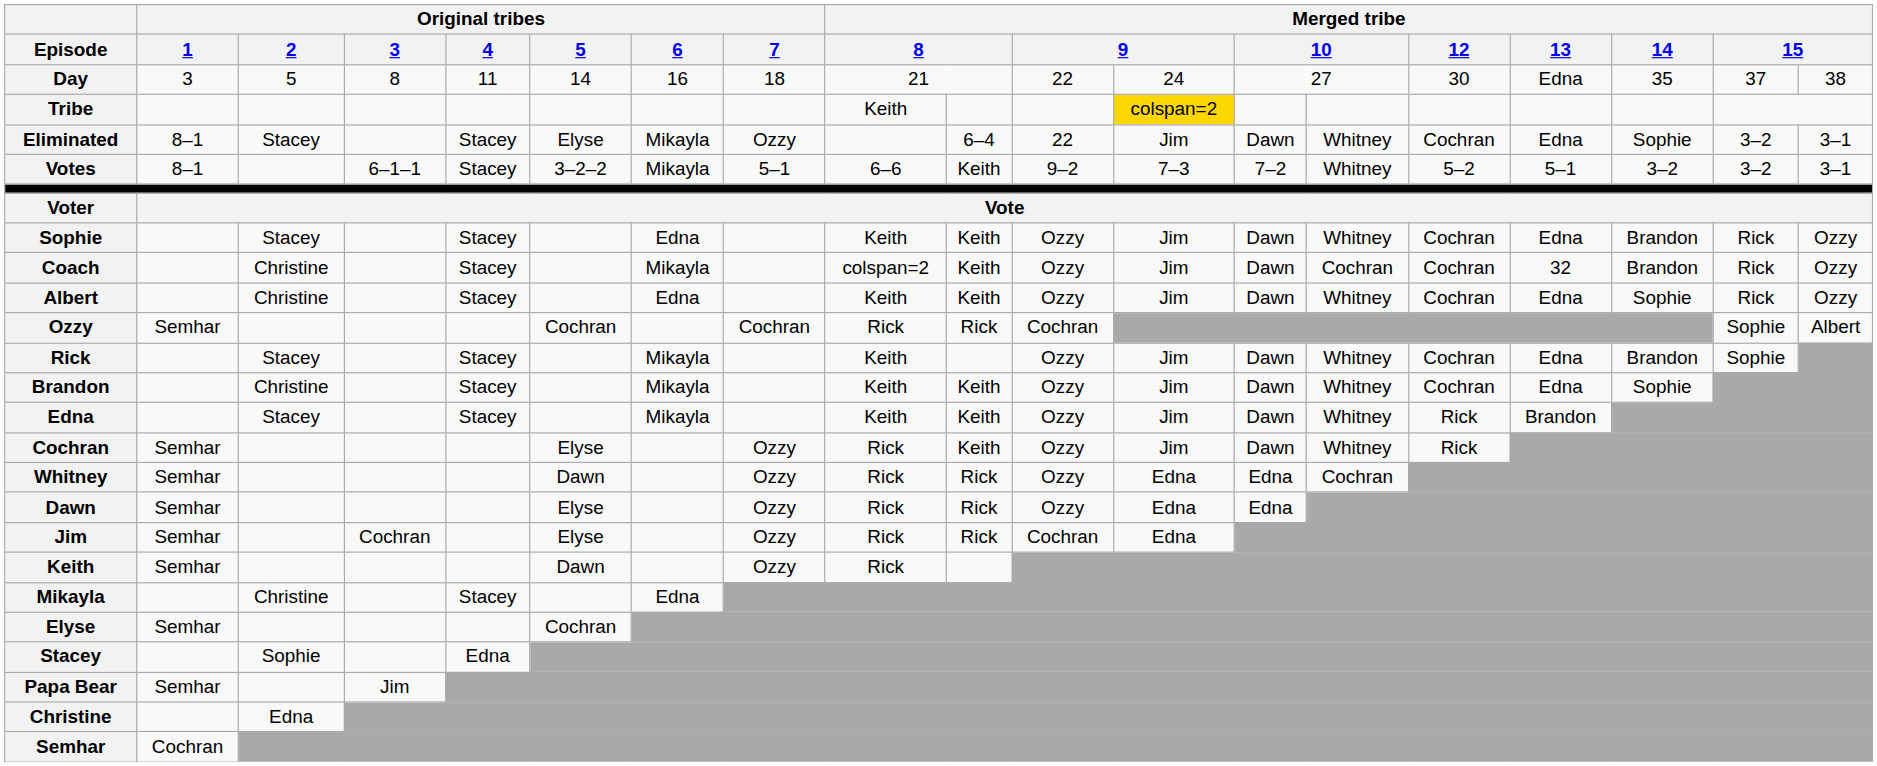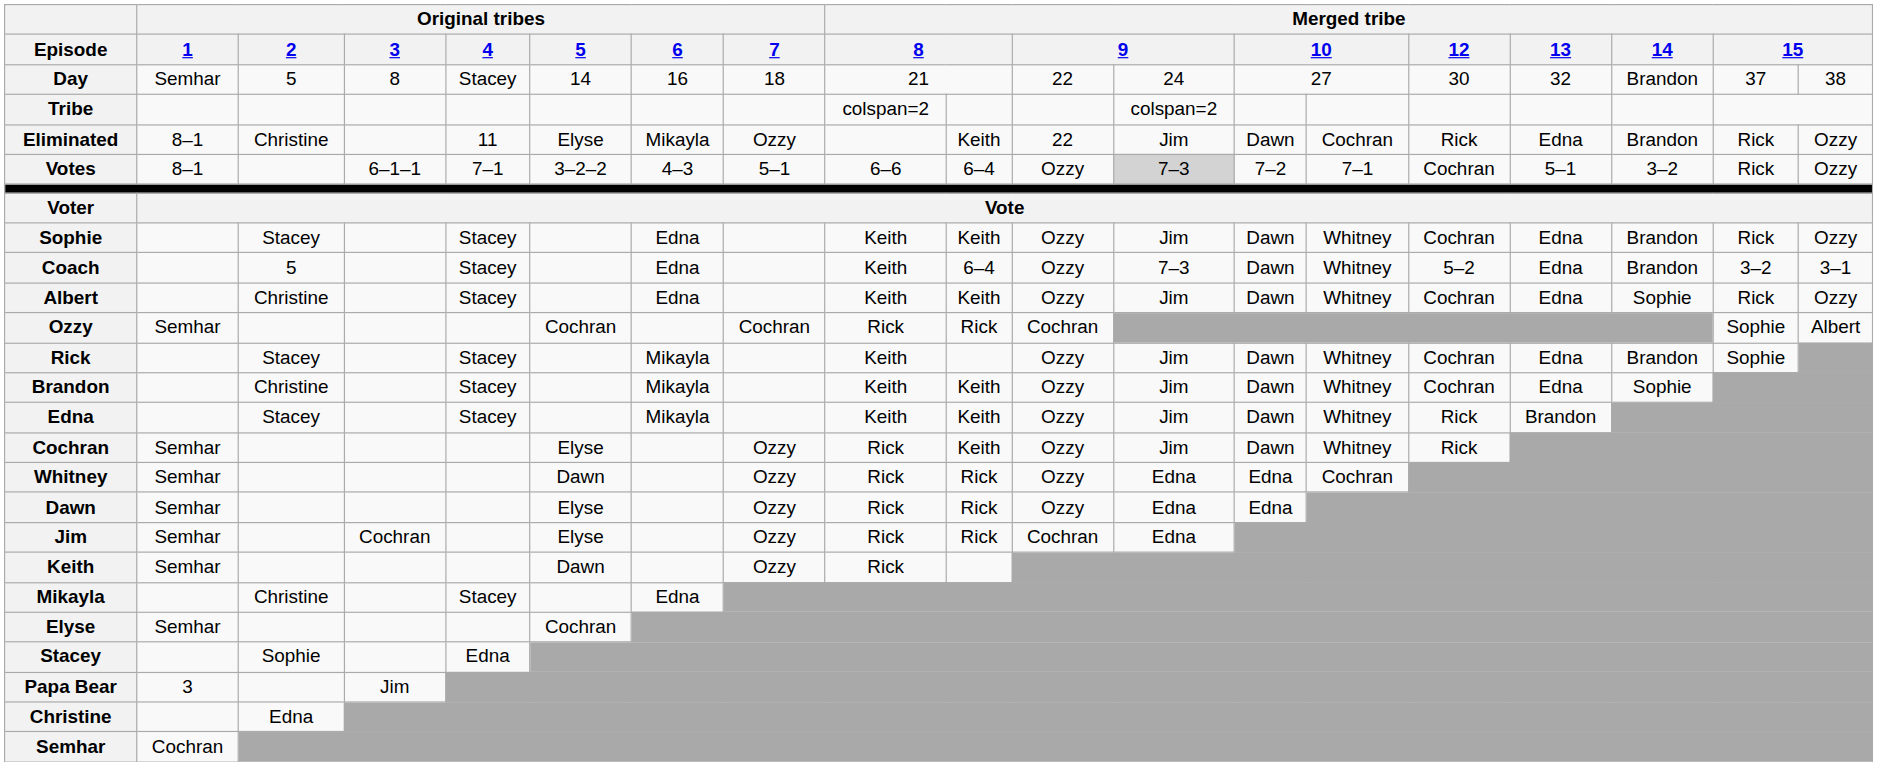 <table class="wikitable" style="text-align:center; width:100%">
 <tr>
 <th></th>
 <th colspan="7">Original tribes</th>
 <th colspan="12">Merged tribe</th>
 </tr>
 <tr>
 <th>Episode</th>
 <th><a href='#'>1</a></th>
 <th><a href='#'>2</a></th>
 <th><a href='#'>3</a></th>
 <th><a href='#'>4</a></th>
 <th><a href='#'>5</a></th>
 <th><a href='#'>6</a></th>
 <th><a href='#'>7</a></th>
 <th colspan="2"><a href='#'>8</a></th>
 <th colspan="2"><a href='#'>9</a></th>
 <th colspan="2"><a href='#'>10</a></th>
 <th><a href='#'>12</a></th>
 <th><a href='#'>13</a></th>
 <th><a href='#'>14</a></th>
 <th colspan="2"><a href='#'>15</a></th>
 </tr>
 <tr>
 <th>Day</th>
-<td>3</td>
+<td>Semhar</td>
 <td>5</td>
 <td>8</td>
-<td>11</td>
+<td>Stacey</td>
 <td>14</td>
 <td>16</td>
 <td>18</td>
 <td colspan=2>21</td>
 <td>22</td>
 <td>24</td>
 <td colspan=2>27</td>
 <td>30</td>
-<td>Edna</td>
-<td>35</td>
+<td>32</td>
+<td>Brandon</td>
 <td>37</td>
 <td>38</td>
 </tr>
 <tr>
 <th>Tribe</th>
 <td></td>
 <td></td>
 <td></td>
 <td></td>
 <td></td>
 <td></td>
 <td></td>
-<td>Keith</td>
+<td>colspan=2 </td>
 <td></td>
 <td></td>
-<td style="background: gold;">colspan=2 </td>
+<td>colspan=2 </td>
 <td></td>
 <td></td>
 <td></td>
 <td></td>
 <td></td>
 </tr>
 <tr>
 <th>Eliminated</th>
 <td>8–1</td>
-<td>Stacey</td>
+<td>Christine</td>
 <td></td>
-<td>Stacey</td>
+<td>11</td>
 <td>Elyse</td>
 <td>Mikayla</td>
 <td>Ozzy</td>
 <td></td>
-<td>6–4</td>
+<td>Keith</td>
 <td>22</td>
 <td>Jim</td>
 <td>Dawn</td>
-<td>Whitney</td>
 <td>Cochran</td>
+<td>Rick</td>
 <td>Edna</td>
-<td>Sophie</td>
-<td>3–2</td>
-<td>3–1</td>
+<td>Brandon</td>
+<td>Rick</td>
+<td>Ozzy</td>
 </tr>
 <tr>
 <th>Votes</th>
 <td>8–1</td>
 <td></td>
 <td>6–1–1</td>
-<td>Stacey</td>
+<td>7–1</td>
 <td>3–2–2</td>
-<td>Mikayla</td>
+<td>4–3</td>
 <td>5–1</td>
 <td>6–6</td>
-<td>Keith</td>
-<td>9–2</td>
-<td>7–3</td>
+<td>6–4</td>
+<td>Ozzy</td>
+<td style="background: lightgrey;">7–3</td>
 <td>7–2</td>
-<td>Whitney</td>
-<td>5–2</td>
+<td>7–1</td>
+<td>Cochran</td>
 <td>5–1</td>
 <td>3–2</td>
-<td>3–2</td>
-<td>3–1</td>
+<td>Rick</td>
+<td>Ozzy</td>
 </tr>
 <tr>
 <td colspan=20 bgcolor=black></td>
 </tr>
 <tr>
 <th>Voter</th>
 <th colspan="18">Vote</th>
 </tr>
 <tr>
 <th>Sophie</th>
 <td></td>
 <td>Stacey</td>
 <td></td>
 <td>Stacey</td>
 <td></td>
 <td>Edna</td>
 <td></td>
 <td>Keith</td>
 <td>Keith</td>
 <td>Ozzy</td>
 <td>Jim</td>
 <td>Dawn</td>
 <td>Whitney</td>
 <td>Cochran</td>
 <td>Edna</td>
 <td>Brandon</td>
 <td>Rick</td>
 <td>Ozzy</td>
 </tr>
 <tr>
 <th>Coach</th>
 <td></td>
-<td>Christine</td>
+<td>5</td>
 <td></td>
 <td>Stacey</td>
 <td></td>
-<td>Mikayla</td>
+<td>Edna</td>
 <td></td>
-<td>colspan=2 </td>
 <td>Keith</td>
+<td>6–4</td>
 <td>Ozzy</td>
-<td>Jim</td>
+<td>7–3</td>
 <td>Dawn</td>
-<td>Cochran</td>
-<td>Cochran</td>
-<td>32</td>
+<td>Whitney</td>
+<td>5–2</td>
+<td>Edna</td>
 <td>Brandon</td>
-<td>Rick</td>
-<td>Ozzy</td>
+<td>3–2</td>
+<td>3–1</td>
 </tr>
 <tr>
 <th>Albert</th>
 <td></td>
 <td>Christine</td>
 <td></td>
 <td>Stacey</td>
 <td></td>
 <td>Edna</td>
 <td></td>
 <td>Keith</td>
 <td>Keith</td>
 <td>Ozzy</td>
 <td>Jim</td>
 <td>Dawn</td>
 <td>Whitney</td>
 <td>Cochran</td>
 <td>Edna</td>
 <td>Sophie</td>
 <td>Rick</td>
 <td>Ozzy</td>
 </tr>
 <tr>
 <th>Ozzy</th>
 <td>Semhar</td>
 <td></td>
 <td></td>
 <td></td>
 <td>Cochran</td>
 <td></td>
 <td>Cochran</td>
 <td>Rick</td>
 <td>Rick</td>
 <td>Cochran</td>
 <td colspan="6" bgcolor="darkgray"></td>
 <td>Sophie</td>
 <td>Albert</td>
 </tr>
 <tr>
 <th>Rick</th>
 <td></td>
 <td>Stacey</td>
 <td></td>
 <td>Stacey</td>
 <td></td>
 <td>Mikayla</td>
 <td></td>
 <td>Keith</td>
 <td></td>
 <td>Ozzy</td>
 <td>Jim</td>
 <td>Dawn</td>
 <td>Whitney</td>
 <td>Cochran</td>
 <td>Edna</td>
 <td>Brandon</td>
 <td>Sophie</td>
 <td colspan="11" bgcolor="darkgray"></td>
 </tr>
 <tr>
 <th>Brandon</th>
 <td></td>
 <td>Christine</td>
 <td></td>
 <td>Stacey</td>
 <td></td>
 <td>Mikayla</td>
 <td></td>
 <td>Keith</td>
 <td>Keith</td>
 <td>Ozzy</td>
 <td>Jim</td>
 <td>Dawn</td>
 <td>Whitney</td>
 <td>Cochran</td>
 <td>Edna</td>
 <td>Sophie</td>
 <td colspan="11" bgcolor="darkgray"></td>
 </tr>
 <tr>
 <th>Edna</th>
 <td></td>
 <td>Stacey</td>
 <td></td>
 <td>Stacey</td>
 <td></td>
 <td>Mikayla</td>
 <td></td>
 <td>Keith</td>
 <td>Keith</td>
 <td>Ozzy</td>
 <td>Jim</td>
 <td>Dawn</td>
 <td>Whitney</td>
 <td>Rick</td>
 <td>Brandon</td>
 <td colspan="20" bgcolor="darkgray"></td>
 </tr>
 <tr>
 <th>Cochran</th>
 <td>Semhar</td>
 <td></td>
 <td></td>
 <td></td>
 <td>Elyse</td>
 <td></td>
 <td>Ozzy</td>
 <td>Rick</td>
 <td>Keith</td>
 <td>Ozzy</td>
 <td>Jim</td>
 <td>Dawn</td>
 <td>Whitney</td>
 <td>Rick</td>
 <td colspan="20" bgcolor="darkgray"></td>
 </tr>
 <tr>
 <th>Whitney</th>
 <td>Semhar</td>
 <td></td>
 <td></td>
 <td></td>
 <td>Dawn</td>
 <td></td>
 <td>Ozzy</td>
 <td>Rick</td>
 <td>Rick</td>
 <td>Ozzy</td>
 <td>Edna</td>
 <td>Edna</td>
 <td>Cochran</td>
 <td colspan="20" bgcolor="darkgray"></td>
 </tr>
 <tr>
 <th>Dawn</th>
 <td>Semhar</td>
 <td></td>
 <td></td>
 <td></td>
 <td>Elyse</td>
 <td></td>
 <td>Ozzy</td>
 <td>Rick</td>
 <td>Rick</td>
 <td>Ozzy</td>
 <td>Edna</td>
 <td>Edna</td>
 <td colspan="20" bgcolor="darkgray"></td>
 </tr>
 <tr>
 <th>Jim</th>
 <td>Semhar</td>
 <td></td>
 <td>Cochran</td>
 <td></td>
 <td>Elyse</td>
 <td></td>
 <td>Ozzy</td>
 <td>Rick</td>
 <td>Rick</td>
 <td>Cochran</td>
 <td>Edna</td>
 <td colspan="20" bgcolor="darkgray"></td>
 </tr>
 <tr>
 <th>Keith</th>
 <td>Semhar</td>
 <td></td>
 <td></td>
 <td></td>
 <td>Dawn</td>
 <td></td>
 <td>Ozzy</td>
 <td>Rick</td>
 <td></td>
 <td colspan="20" bgcolor="darkgray"></td>
 </tr>
 <tr>
 <th>Mikayla</th>
 <td></td>
 <td>Christine</td>
 <td></td>
 <td>Stacey</td>
 <td></td>
 <td>Edna</td>
 <td colspan="20" bgcolor="darkgray"></td>
 </tr>
 <tr>
 <th>Elyse</th>
 <td>Semhar</td>
 <td></td>
 <td></td>
 <td></td>
 <td>Cochran</td>
 <td colspan="20" bgcolor="darkgray"></td>
 </tr>
 <tr>
 <th>Stacey</th>
 <td></td>
 <td>Sophie</td>
 <td></td>
 <td>Edna</td>
 <td colspan="20" bgcolor="darkgray"></td>
 </tr>
 <tr>
 <th>Papa Bear</th>
-<td>Semhar</td>
+<td>3</td>
 <td></td>
 <td>Jim</td>
 <td colspan="20" bgcolor="darkgray"></td>
 </tr>
 <tr>
 <th>Christine</th>
 <td></td>
 <td>Edna</td>
 <td colspan="20" bgcolor="darkgray"></td>
 </tr>
 <tr>
 <th>Semhar</th>
 <td>Cochran</td>
 <td colspan="20" bgcolor="darkgray"></td>
 </tr>
 </table>
